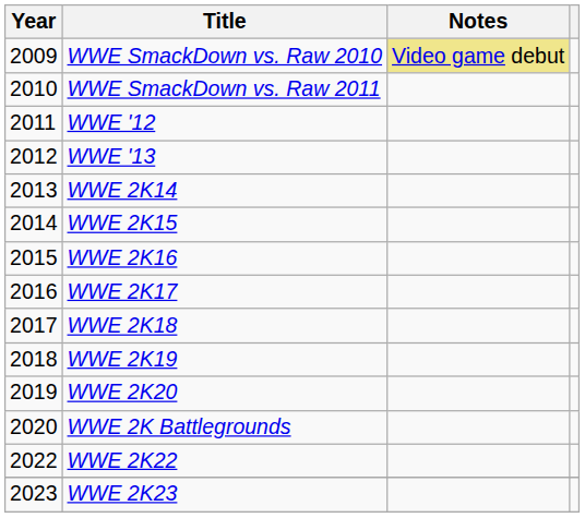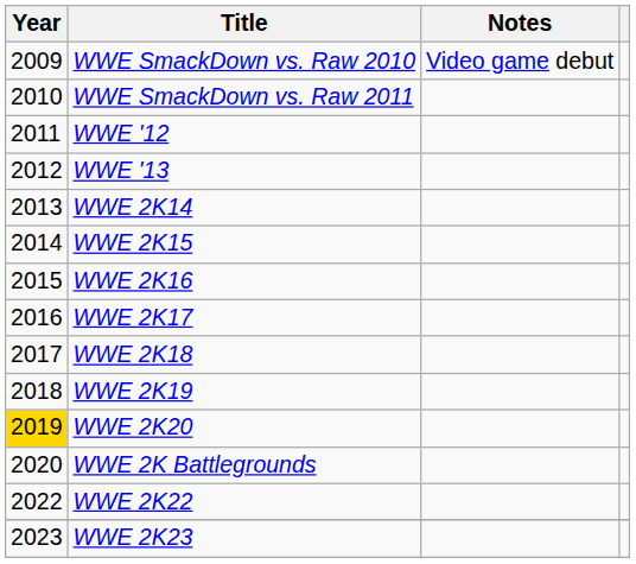 <table class="wikitable sortable plainrowheaders">
 <tr>
 <th scope="col">Year</th>
 <th scope="col">Title</th>
 <th scope="col" class="unsortable">Notes</th>
 <th scope="col" class="unsortable"></th>
 </tr>
 <tr>
 <td>2009</td>
 <td><em><a href='#'>WWE SmackDown vs. Raw 2010</a></em></td>
-<td style="background: khaki;"><a href='#'>Video game</a> debut</td>
+<td><a href='#'>Video game</a> debut</td>
 <td></td>
 </tr>
 <tr>
 <td>2010</td>
 <td><em><a href='#'>WWE SmackDown vs. Raw 2011</a></em></td>
 <td></td>
 <td></td>
 </tr>
 <tr>
 <td>2011</td>
 <td><em><a href='#'>WWE '12</a></em></td>
 <td></td>
 <td></td>
 </tr>
 <tr>
 <td>2012</td>
 <td><em><a href='#'>WWE '13</a></em></td>
 <td></td>
 <td></td>
 </tr>
 <tr>
 <td>2013</td>
 <td><em><a href='#'>WWE 2K14</a></em></td>
 <td></td>
 <td></td>
 </tr>
 <tr>
 <td>2014</td>
 <td><em><a href='#'>WWE 2K15</a></em></td>
 <td></td>
 <td></td>
 </tr>
 <tr>
 <td>2015</td>
 <td><em><a href='#'>WWE 2K16</a></em></td>
 <td></td>
 <td></td>
 </tr>
 <tr>
 <td>2016</td>
 <td><em><a href='#'>WWE 2K17</a></em></td>
 <td></td>
 <td></td>
 </tr>
 <tr>
 <td>2017</td>
 <td><em><a href='#'>WWE 2K18</a></em></td>
 <td></td>
 <td></td>
 </tr>
 <tr>
 <td>2018</td>
 <td><em><a href='#'>WWE 2K19</a></em></td>
 <td></td>
 <td></td>
 </tr>
 <tr>
-<td>2019</td>
+<td style="background: gold;">2019</td>
 <td><em><a href='#'>WWE 2K20</a></em></td>
 <td></td>
 <td></td>
 </tr>
 <tr>
 <td>2020</td>
 <td><em><a href='#'>WWE 2K Battlegrounds</a></em></td>
 <td></td>
 <td></td>
 </tr>
 <tr>
 <td>2022</td>
 <td><em><a href='#'>WWE 2K22</a></em></td>
 <td></td>
 <td></td>
 </tr>
 <tr>
 </tr>
 <tr>
 <td>2023</td>
 <td><em><a href='#'>WWE 2K23</a></em></td>
 <td></td>
 <td></td>
 </tr>
 <tr>
 </tr>
 </table>
